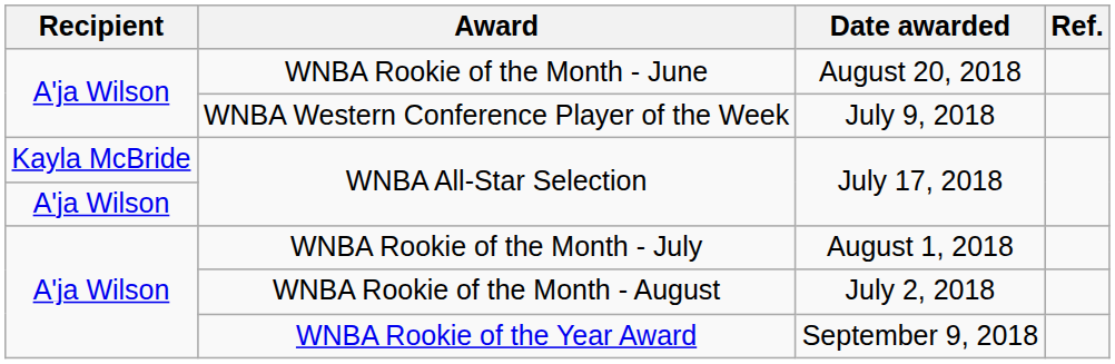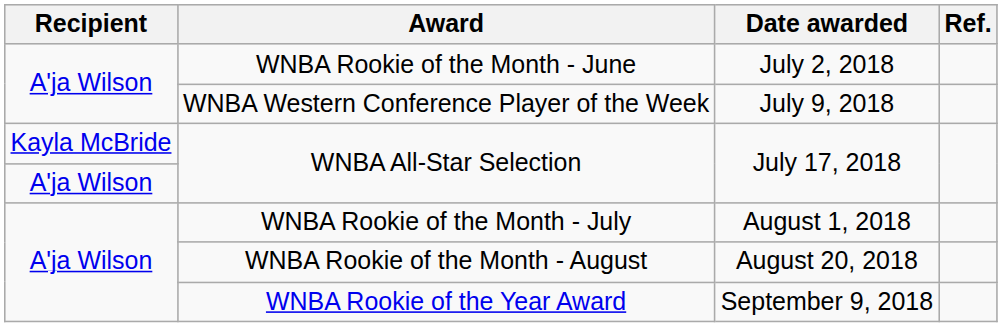 <table class="wikitable sortable sortable" style="text-align: center">
 <tr>
 <th>Recipient</th>
 <th>Award</th>
 <th>Date awarded</th>
 <th>Ref.</th>
 </tr>
 <tr>
 <td rowspan="2"><a href='#'>A'ja Wilson</a></td>
 <td>WNBA Rookie of the Month - June</td>
-<td>August 20, 2018</td>
+<td>July 2, 2018</td>
 <td></td>
 </tr>
 <tr>
 <td>WNBA Western Conference Player of the Week</td>
 <td>July 9, 2018</td>
 <td></td>
 </tr>
 <tr>
 <td><a href='#'>Kayla McBride</a></td>
 <td rowspan="2">WNBA All-Star Selection</td>
 <td rowspan="2">July 17, 2018</td>
 <td rowspan="2"></td>
 </tr>
 <tr>
 <td><a href='#'>A'ja Wilson</a></td>
 </tr>
 <tr>
 <td rowspan=3><a href='#'>A'ja Wilson</a></td>
 <td>WNBA Rookie of the Month - July</td>
 <td>August 1, 2018</td>
 <td></td>
 </tr>
 <tr>
 <td>WNBA Rookie of the Month - August</td>
-<td>July 2, 2018</td>
+<td>August 20, 2018</td>
 <td></td>
 </tr>
 <tr>
 <td><a href='#'>WNBA Rookie of the Year Award</a></td>
 <td>September 9, 2018</td>
 <td></td>
 </tr>
 </table>
